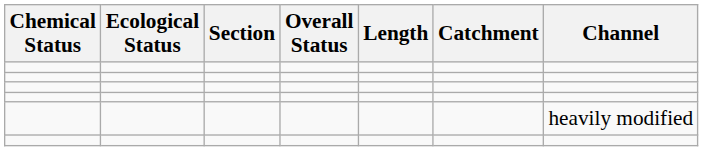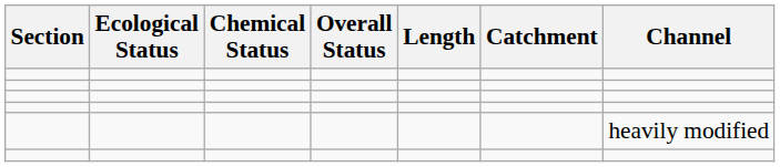 <table class="wikitable">
 <tr>
+<th>Section</th>
+<th>Ecological<br>Status</th>
 <th>Chemical<br>Status</th>
-<th>Ecological<br>Status</th>
-<th>Section</th>
 <th>Overall<br>Status</th>
 <th>Length</th>
 <th>Catchment</th>
 <th>Channel</th>
 </tr>
 <tr>
 <td></td>
 <td></td>
 <td></td>
 <td></td>
 <td></td>
 <td></td>
 <td></td>
 </tr>
 <tr>
 <td></td>
 <td></td>
 <td></td>
 <td></td>
 <td></td>
 <td></td>
 <td></td>
 </tr>
 <tr>
 <td></td>
 <td></td>
 <td></td>
 <td></td>
 <td></td>
 <td></td>
 <td></td>
 </tr>
 <tr>
 <td></td>
 <td></td>
 <td></td>
 <td></td>
 <td></td>
 <td></td>
 <td></td>
 </tr>
 <tr>
 <td></td>
 <td></td>
 <td></td>
 <td></td>
 <td></td>
 <td></td>
 <td>heavily modified</td>
 </tr>
 <tr>
 <td></td>
 <td></td>
 <td></td>
 <td></td>
 <td></td>
 <td></td>
 <td></td>
 </tr>
 </table>
